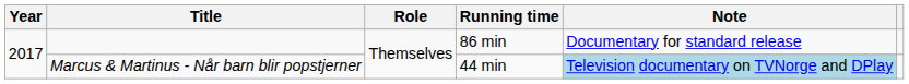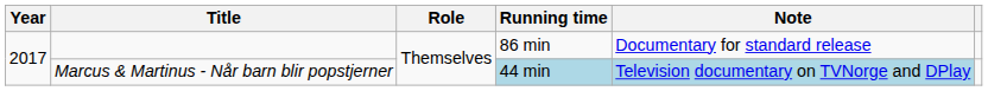 <table class ="wikitable sortable">
 <tr>
 <th>Year</th>
 <th>Title</th>
 <th>Role</th>
 <th>Running time</th>
 <th>Note</th>
 <th scope="col" class="unsortable"></th>
 </tr>
 <tr>
 <td rowspan="2">2017</td>
 <td><em></em></td>
 <td rowspan="2">Themselves</td>
 <td>86 min </td>
 <td><a href='#'>Documentary</a> for <a href='#'>standard release</a></td>
 <td style="text-align:center;"></td>
 </tr>
 <tr>
 <td><em>Marcus & Martinus - Når barn blir popstjerner</em></td>
-<td>44 min </td>
+<td style="background: lightblue;">44 min </td>
 <td style="background: lightblue;"><a href='#'>Television</a> <a href='#'>documentary</a> on <a href='#'>TVNorge</a> and <a href='#'>DPlay</a></td>
 <td style="text-align:center;"></td>
 </tr>
 </table>
